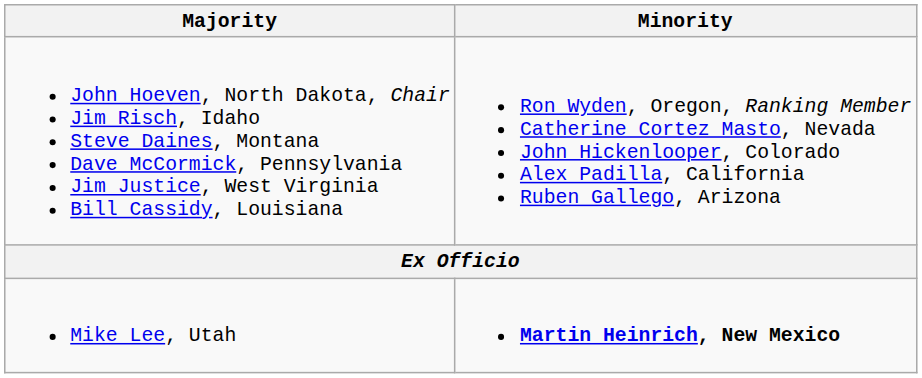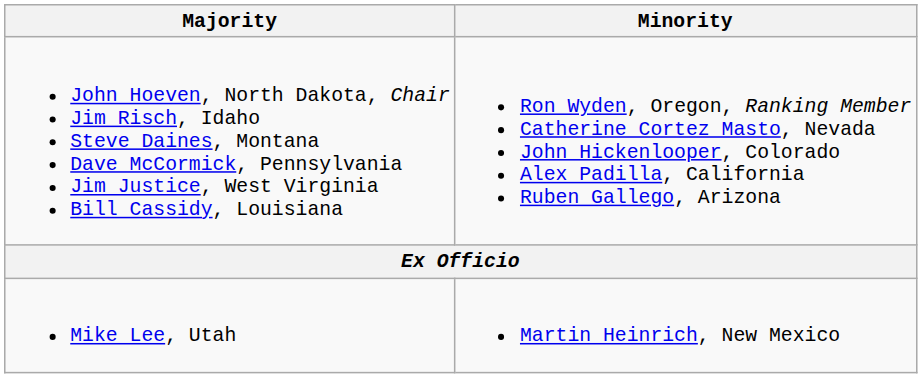 <table class=wikitable>
 <tr>
 <th>Majority</th>
 <th>Minority</th>
 </tr>
 <tr>
 <td><br><ul><li><a href='#'>John Hoeven</a>, North Dakota, <em>Chair</em></li><li><a href='#'>Jim Risch</a>, Idaho</li><li><a href='#'>Steve Daines</a>, Montana</li><li><a href='#'>Dave McCormick</a>, Pennsylvania</li><li><a href='#'>Jim Justice</a>, West Virginia</li><li><a href='#'>Bill Cassidy</a>, Louisiana</li></ul></td>
 <td><br><ul><li><a href='#'>Ron Wyden</a>, Oregon, <em>Ranking Member</em></li><li><a href='#'>Catherine Cortez Masto</a>, Nevada</li><li><a href='#'>John Hickenlooper</a>, Colorado</li><li><a href='#'>Alex Padilla</a>, California</li><li><a href='#'>Ruben Gallego</a>, Arizona</li></ul></td>
 </tr>
 <tr>
 <th colspan=2><em>Ex Officio</em></th>
 </tr>
 <tr>
 <td><br><ul><li><a href='#'>Mike Lee</a>, Utah</li></ul></td>
-<td><strong><br><ul><li><a href='#'>Martin Heinrich</a>, New Mexico</li></ul></strong></td>
+<td><br><ul><li><a href='#'>Martin Heinrich</a>, New Mexico</li></ul></td>
 </tr>
 </table>
